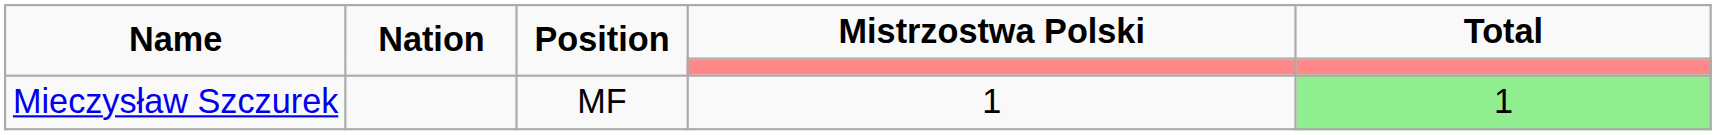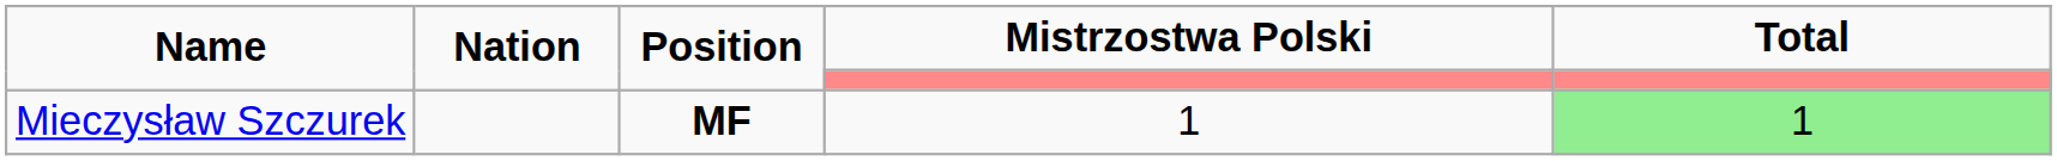 <table class="wikitable" style="font-size: 100%; text-align: center;">
 <tr>
 <td rowspan="2" width="20%" align="center"><strong>Name</strong></td>
 <td rowspan="2" width="10%" align="center"><strong>Nation</strong></td>
 <td rowspan="2" width="10%" align="center"><strong>Position</strong></td>
 <td colspan="1" align="center"><strong>Mistrzostwa Polski</strong></td>
 <td colspan="1" align="center"><strong>Total</strong></td>
 </tr>
 <tr>
 <th width=60 style="background: #FF8888"></th>
 <th width=60 style="background: #FF8888"></th>
 </tr>
 <tr>
 <td><a href='#'>Mieczysław Szczurek</a></td>
 <td></td>
-<td>MF</td>
+<td><strong>MF</strong></td>
 <td>1</td>
 <td style="background: lightgreen;">1</td>
 </tr>
 </table>
